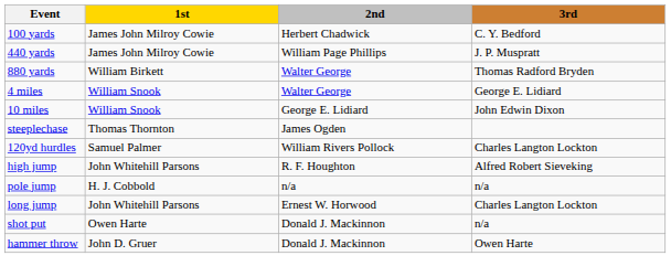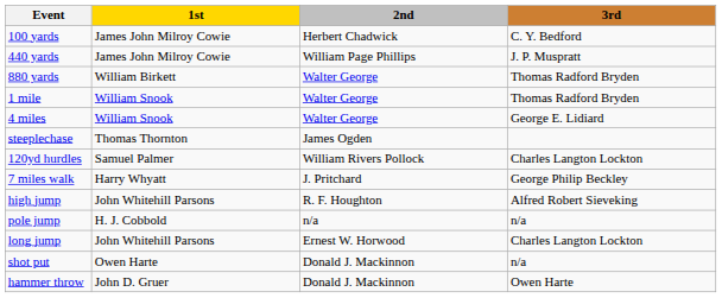 <table class="wikitable" style="text-align:left">
 <tr>
 <th width=100>Event</th>
 <th width="250" style="background:gold;">1st</th>
 <th width="250" style="background:silver;">2nd</th>
 <th width="250" style="background:#CD7F32;">3rd</th>
 </tr>
 <tr>
 <td><a href='#'>100 yards</a></td>
 <td> James John Milroy Cowie</td>
 <td>Herbert Chadwick</td>
 <td>C. Y. Bedford</td>
 </tr>
 <tr>
 <td><a href='#'>440 yards</a></td>
 <td> James John Milroy Cowie</td>
 <td>William Page Phillips</td>
 <td>J. P. Muspratt</td>
 </tr>
 <tr>
 <td><a href='#'>880 yards</a></td>
 <td>William Birkett</td>
 <td><a href='#'>Walter George</a></td>
 <td>Thomas Radford Bryden</td>
 </tr>
 <tr>
+<td><a href='#'>1 mile</a></td>
+<td><a href='#'>William Snook</a></td>
+<td><a href='#'>Walter George</a></td>
+<td>Thomas Radford Bryden</td>
+</tr>
+<tr>
 <td><a href='#'>4 miles</a></td>
 <td><a href='#'>William Snook</a></td>
 <td><a href='#'>Walter George</a></td>
 <td>George E. Lidiard</td>
-</tr>
-<tr>
-<td><a href='#'>10 miles</a></td>
-<td><a href='#'>William Snook</a></td>
-<td>George E. Lidiard</td>
-<td>John Edwin Dixon</td>
 </tr>
 <tr>
 <td><a href='#'>steeplechase</a></td>
 <td>Thomas Thornton</td>
 <td>James Ogden</td>
 <td></td>
 </tr>
 <tr>
 <td><a href='#'>120yd hurdles</a></td>
 <td>Samuel Palmer</td>
 <td>William Rivers Pollock</td>
 <td>Charles Langton Lockton</td>
+</tr>
+<tr>
+<td><a href='#'>7 miles walk</a></td>
+<td>Harry Whyatt</td>
+<td>J. Pritchard</td>
+<td>George Philip Beckley</td>
 </tr>
 <tr>
 <td><a href='#'>high jump</a></td>
 <td> John Whitehill Parsons</td>
 <td> R. F. Houghton</td>
 <td>Alfred Robert Sieveking</td>
 </tr>
 <tr>
 <td><a href='#'>pole jump</a></td>
 <td>H. J. Cobbold</td>
 <td>n/a</td>
 <td>n/a</td>
 </tr>
 <tr>
 <td><a href='#'>long jump</a></td>
 <td> John Whitehill Parsons</td>
 <td>Ernest W. Horwood</td>
 <td>Charles Langton Lockton</td>
 </tr>
 <tr>
 <td><a href='#'>shot put</a></td>
 <td> Owen Harte</td>
 <td> Donald J. Mackinnon</td>
 <td>n/a</td>
 </tr>
 <tr>
 <td><a href='#'>hammer throw</a></td>
 <td> John D. Gruer</td>
 <td> Donald J. Mackinnon</td>
 <td> Owen Harte</td>
 </tr>
 </table>
